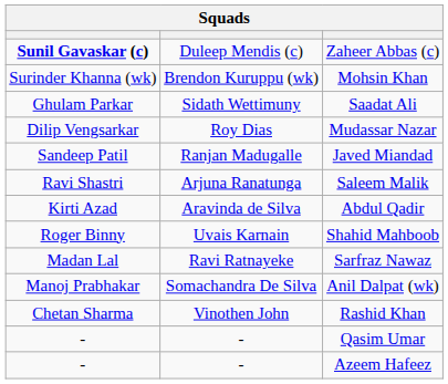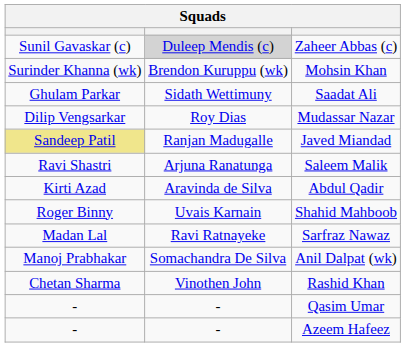 <table class="wikitable" style="text-align:center; width:auto; margin:auto">
 <tr>
 <th colspan=4>Squads</th>
 </tr>
 <tr>
 <th></th>
 <th></th>
 <th></th>
 </tr>
 <tr>
-<td><strong><a href='#'>Sunil Gavaskar</a> (<a href='#'>c</a>)</strong></td>
-<td><a href='#'>Duleep Mendis</a> (<a href='#'>c</a>)</td>
+<td><a href='#'>Sunil Gavaskar</a> (<a href='#'>c</a>)</td>
+<td style="background: lightgrey;"><a href='#'>Duleep Mendis</a> (<a href='#'>c</a>)</td>
 <td><a href='#'>Zaheer Abbas</a> (<a href='#'>c</a>)</td>
 </tr>
 <tr>
 <td><a href='#'>Surinder Khanna</a> (<a href='#'>wk</a>)</td>
 <td><a href='#'>Brendon Kuruppu</a> (<a href='#'>wk</a>)</td>
 <td><a href='#'>Mohsin Khan</a></td>
 </tr>
 <tr>
 <td><a href='#'>Ghulam Parkar</a></td>
 <td><a href='#'>Sidath Wettimuny</a></td>
 <td><a href='#'>Saadat Ali</a></td>
 </tr>
 <tr>
 <td><a href='#'>Dilip Vengsarkar</a></td>
 <td><a href='#'>Roy Dias</a></td>
 <td><a href='#'>Mudassar Nazar</a></td>
 </tr>
 <tr>
-<td><a href='#'>Sandeep Patil</a></td>
+<td style="background: khaki;"><a href='#'>Sandeep Patil</a></td>
 <td><a href='#'>Ranjan Madugalle</a></td>
 <td><a href='#'>Javed Miandad</a></td>
 </tr>
 <tr>
 <td><a href='#'>Ravi Shastri</a></td>
 <td><a href='#'>Arjuna Ranatunga</a></td>
 <td><a href='#'>Saleem Malik</a></td>
 </tr>
 <tr>
 <td><a href='#'>Kirti Azad</a></td>
 <td><a href='#'>Aravinda de Silva</a></td>
 <td><a href='#'>Abdul Qadir</a></td>
 </tr>
 <tr>
 <td><a href='#'>Roger Binny</a></td>
 <td><a href='#'>Uvais Karnain</a></td>
 <td><a href='#'>Shahid Mahboob</a></td>
 </tr>
 <tr>
 <td><a href='#'>Madan Lal</a></td>
 <td><a href='#'>Ravi Ratnayeke</a></td>
 <td><a href='#'>Sarfraz Nawaz</a></td>
 </tr>
 <tr>
 <td><a href='#'>Manoj Prabhakar</a></td>
 <td><a href='#'>Somachandra De Silva</a></td>
 <td><a href='#'>Anil Dalpat</a> (<a href='#'>wk</a>)</td>
 </tr>
 <tr>
 <td><a href='#'>Chetan Sharma</a></td>
 <td><a href='#'>Vinothen John</a></td>
 <td><a href='#'>Rashid Khan</a></td>
 </tr>
 <tr>
 <td>-</td>
 <td>-</td>
 <td><a href='#'>Qasim Umar</a></td>
 </tr>
 <tr>
 <td>-</td>
 <td>-</td>
 <td><a href='#'>Azeem Hafeez</a></td>
 </tr>
 </table>
